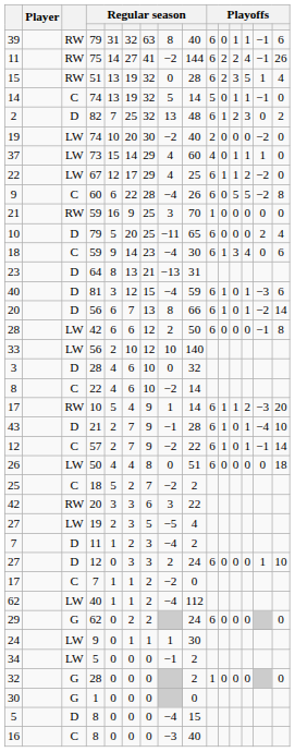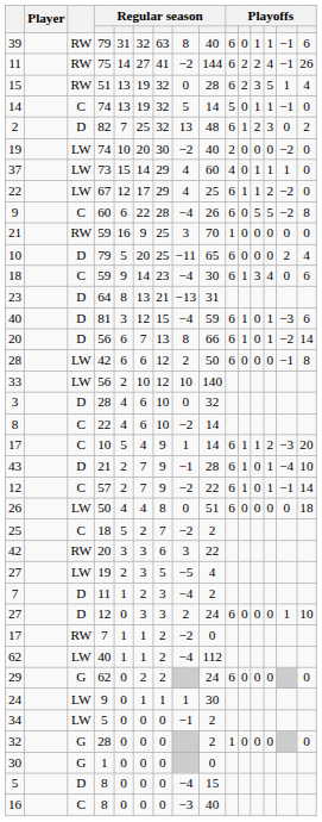 <table class="wikitable sortable plainrowheaders" style="text-align:center;">
 <tr>
 <th scope="col" data-sort-type="number" rowspan="2"></th>
 <th scope="col" rowspan="2">Player</th>
 <th scope="col" rowspan="2"></th>
 <th scope=colgroup colspan=6>Regular season</th>
 <th scope=colgroup colspan=6>Playoffs</th>
 </tr>
 <tr>
 <th scope="col" data-sort-type="number"></th>
 <th scope="col" data-sort-type="number"></th>
 <th scope="col" data-sort-type="number"></th>
 <th scope="col" data-sort-type="number"></th>
 <th scope="col" data-sort-type="number"></th>
 <th scope="col" data-sort-type="number"></th>
 <th scope="col" data-sort-type="number"></th>
 <th scope="col" data-sort-type="number"></th>
 <th scope="col" data-sort-type="number"></th>
 <th scope="col" data-sort-type="number"></th>
 <th scope="col" data-sort-type="number"></th>
 <th scope="col" data-sort-type="number"></th>
 </tr>
 <tr>
 <td scope="row">39</td>
 <td align="left"></td>
 <td>RW</td>
 <td>79</td>
 <td>31</td>
 <td>32</td>
 <td>63</td>
 <td>8</td>
 <td>40</td>
 <td>6</td>
 <td>0</td>
 <td>1</td>
 <td>1</td>
 <td>−1</td>
 <td>6</td>
 </tr>
 <tr>
 <td scope="row">11</td>
 <td align="left"></td>
 <td>RW</td>
 <td>75</td>
 <td>14</td>
 <td>27</td>
 <td>41</td>
 <td>−2</td>
 <td>144</td>
 <td>6</td>
 <td>2</td>
 <td>2</td>
 <td>4</td>
 <td>−1</td>
 <td>26</td>
 </tr>
 <tr>
 <td scope="row">15</td>
 <td align="left"></td>
 <td>RW</td>
 <td>51</td>
 <td>13</td>
 <td>19</td>
 <td>32</td>
 <td>0</td>
 <td>28</td>
 <td>6</td>
 <td>2</td>
 <td>3</td>
 <td>5</td>
 <td>1</td>
 <td>4</td>
 </tr>
 <tr>
 <td scope="row">14</td>
 <td align="left"></td>
 <td>C</td>
 <td>74</td>
 <td>13</td>
 <td>19</td>
 <td>32</td>
 <td>5</td>
 <td>14</td>
 <td>5</td>
 <td>0</td>
 <td>1</td>
 <td>1</td>
 <td>−1</td>
 <td>0</td>
 </tr>
 <tr>
 <td scope="row">2</td>
 <td align="left"></td>
 <td>D</td>
 <td>82</td>
 <td>7</td>
 <td>25</td>
 <td>32</td>
 <td>13</td>
 <td>48</td>
 <td>6</td>
 <td>1</td>
 <td>2</td>
 <td>3</td>
 <td>0</td>
 <td>2</td>
 </tr>
 <tr>
 <td scope="row">19</td>
 <td align="left"></td>
 <td>LW</td>
 <td>74</td>
 <td>10</td>
 <td>20</td>
 <td>30</td>
 <td>−2</td>
 <td>40</td>
 <td>2</td>
 <td>0</td>
 <td>0</td>
 <td>0</td>
 <td>−2</td>
 <td>0</td>
 </tr>
 <tr>
 <td scope="row">37</td>
 <td align="left"></td>
 <td>LW</td>
 <td>73</td>
 <td>15</td>
 <td>14</td>
 <td>29</td>
 <td>4</td>
 <td>60</td>
 <td>4</td>
 <td>0</td>
 <td>1</td>
 <td>1</td>
 <td>1</td>
 <td>0</td>
 </tr>
 <tr>
 <td scope="row">22</td>
 <td align="left"></td>
 <td>LW</td>
 <td>67</td>
 <td>12</td>
 <td>17</td>
 <td>29</td>
 <td>4</td>
 <td>25</td>
 <td>6</td>
 <td>1</td>
 <td>1</td>
 <td>2</td>
 <td>−2</td>
 <td>0</td>
 </tr>
 <tr>
 <td scope="row">9</td>
 <td align="left"></td>
 <td>C</td>
 <td>60</td>
 <td>6</td>
 <td>22</td>
 <td>28</td>
 <td>−4</td>
 <td>26</td>
 <td>6</td>
 <td>0</td>
 <td>5</td>
 <td>5</td>
 <td>−2</td>
 <td>8</td>
 </tr>
 <tr>
 <td scope="row">21</td>
 <td align="left"></td>
 <td>RW</td>
 <td>59</td>
 <td>16</td>
 <td>9</td>
 <td>25</td>
 <td>3</td>
 <td>70</td>
 <td>1</td>
 <td>0</td>
 <td>0</td>
 <td>0</td>
 <td>0</td>
 <td>0</td>
 </tr>
 <tr>
 <td scope="row">10</td>
 <td align="left"></td>
 <td>D</td>
 <td>79</td>
 <td>5</td>
 <td>20</td>
 <td>25</td>
 <td>−11</td>
 <td>65</td>
 <td>6</td>
 <td>0</td>
 <td>0</td>
 <td>0</td>
 <td>2</td>
 <td>4</td>
 </tr>
 <tr>
 <td scope="row">18</td>
 <td align="left"></td>
 <td>C</td>
 <td>59</td>
 <td>9</td>
 <td>14</td>
 <td>23</td>
 <td>−4</td>
 <td>30</td>
 <td>6</td>
 <td>1</td>
 <td>3</td>
 <td>4</td>
 <td>0</td>
 <td>6</td>
 </tr>
 <tr>
 <td scope="row">23</td>
 <td align="left"></td>
 <td>D</td>
 <td>64</td>
 <td>8</td>
 <td>13</td>
 <td>21</td>
 <td>−13</td>
 <td>31</td>
 <td></td>
 <td></td>
 <td></td>
 <td></td>
 <td></td>
 <td></td>
 </tr>
 <tr>
 <td scope="row">40</td>
 <td align="left"></td>
 <td>D</td>
 <td>81</td>
 <td>3</td>
 <td>12</td>
 <td>15</td>
 <td>−4</td>
 <td>59</td>
 <td>6</td>
 <td>1</td>
 <td>0</td>
 <td>1</td>
 <td>−3</td>
 <td>6</td>
 </tr>
 <tr>
 <td scope="row">20</td>
 <td align="left"></td>
 <td>D</td>
 <td>56</td>
 <td>6</td>
 <td>7</td>
 <td>13</td>
 <td>8</td>
 <td>66</td>
 <td>6</td>
 <td>1</td>
 <td>0</td>
 <td>1</td>
 <td>−2</td>
 <td>14</td>
 </tr>
 <tr>
 <td scope="row">28</td>
 <td align="left"></td>
 <td>LW</td>
 <td>42</td>
 <td>6</td>
 <td>6</td>
 <td>12</td>
 <td>2</td>
 <td>50</td>
 <td>6</td>
 <td>0</td>
 <td>0</td>
 <td>0</td>
 <td>−1</td>
 <td>8</td>
 </tr>
 <tr>
 <td scope="row">33</td>
 <td align="left"></td>
 <td>LW</td>
 <td>56</td>
 <td>2</td>
 <td>10</td>
 <td>12</td>
 <td>10</td>
 <td>140</td>
 <td></td>
 <td></td>
 <td></td>
 <td></td>
 <td></td>
 <td></td>
 </tr>
 <tr>
 <td scope="row">3</td>
 <td align="left"></td>
 <td>D</td>
 <td>28</td>
 <td>4</td>
 <td>6</td>
 <td>10</td>
 <td>0</td>
 <td>32</td>
 <td></td>
 <td></td>
 <td></td>
 <td></td>
 <td></td>
 <td></td>
 </tr>
 <tr>
 <td scope="row">8</td>
 <td align="left"></td>
 <td>C</td>
 <td>22</td>
 <td>4</td>
 <td>6</td>
 <td>10</td>
 <td>−2</td>
 <td>14</td>
 <td></td>
 <td></td>
 <td></td>
 <td></td>
 <td></td>
 <td></td>
 </tr>
 <tr>
 <td scope="row">17</td>
 <td align="left"></td>
-<td>RW</td>
+<td>C</td>
 <td>10</td>
 <td>5</td>
 <td>4</td>
 <td>9</td>
 <td>1</td>
 <td>14</td>
 <td>6</td>
 <td>1</td>
 <td>1</td>
 <td>2</td>
 <td>−3</td>
 <td>20</td>
 </tr>
 <tr>
 <td scope="row">43</td>
 <td align="left"></td>
 <td>D</td>
 <td>21</td>
 <td>2</td>
 <td>7</td>
 <td>9</td>
 <td>−1</td>
 <td>28</td>
 <td>6</td>
 <td>1</td>
 <td>0</td>
 <td>1</td>
 <td>−4</td>
 <td>10</td>
 </tr>
 <tr>
 <td scope="row">12</td>
 <td align="left"></td>
 <td>C</td>
 <td>57</td>
 <td>2</td>
 <td>7</td>
 <td>9</td>
 <td>−2</td>
 <td>22</td>
 <td>6</td>
 <td>1</td>
 <td>0</td>
 <td>1</td>
 <td>−1</td>
 <td>14</td>
 </tr>
 <tr>
 <td scope="row">26</td>
 <td align="left"></td>
 <td>LW</td>
 <td>50</td>
 <td>4</td>
 <td>4</td>
 <td>8</td>
 <td>0</td>
 <td>51</td>
 <td>6</td>
 <td>0</td>
 <td>0</td>
 <td>0</td>
 <td>0</td>
 <td>18</td>
 </tr>
 <tr>
 <td scope="row">25</td>
 <td align="left"></td>
 <td>C</td>
 <td>18</td>
 <td>5</td>
 <td>2</td>
 <td>7</td>
 <td>−2</td>
 <td>2</td>
 <td></td>
 <td></td>
 <td></td>
 <td></td>
 <td></td>
 <td></td>
 </tr>
 <tr>
 <td scope="row">42</td>
 <td align="left"></td>
 <td>RW</td>
 <td>20</td>
 <td>3</td>
 <td>3</td>
 <td>6</td>
 <td>3</td>
 <td>22</td>
 <td></td>
 <td></td>
 <td></td>
 <td></td>
 <td></td>
 <td></td>
 </tr>
 <tr>
 <td scope="row">27</td>
 <td align="left"></td>
 <td>LW</td>
 <td>19</td>
 <td>2</td>
 <td>3</td>
 <td>5</td>
 <td>−5</td>
 <td>4</td>
 <td></td>
 <td></td>
 <td></td>
 <td></td>
 <td></td>
 <td></td>
 </tr>
 <tr>
 <td scope="row">7</td>
 <td align="left"></td>
 <td>D</td>
 <td>11</td>
 <td>1</td>
 <td>2</td>
 <td>3</td>
 <td>−4</td>
 <td>2</td>
 <td></td>
 <td></td>
 <td></td>
 <td></td>
 <td></td>
 <td></td>
 </tr>
 <tr>
 <td scope="row">27</td>
 <td align="left"></td>
 <td>D</td>
 <td>12</td>
 <td>0</td>
 <td>3</td>
 <td>3</td>
 <td>2</td>
 <td>24</td>
 <td>6</td>
 <td>0</td>
 <td>0</td>
 <td>0</td>
 <td>1</td>
 <td>10</td>
 </tr>
 <tr>
 <td scope="row">17</td>
 <td align="left"></td>
-<td>C</td>
+<td>RW</td>
 <td>7</td>
 <td>1</td>
 <td>1</td>
 <td>2</td>
 <td>−2</td>
 <td>0</td>
 <td></td>
 <td></td>
 <td></td>
 <td></td>
 <td></td>
 <td></td>
 </tr>
 <tr>
 <td scope="row">62</td>
 <td align="left"></td>
 <td>LW</td>
 <td>40</td>
 <td>1</td>
 <td>1</td>
 <td>2</td>
 <td>−4</td>
 <td>112</td>
 <td></td>
 <td></td>
 <td></td>
 <td></td>
 <td></td>
 <td></td>
 </tr>
 <tr>
 <td scope="row">29</td>
 <td align="left"></td>
 <td>G</td>
 <td>62</td>
 <td>0</td>
 <td>2</td>
 <td>2</td>
 <td style="background:#ccc"></td>
 <td>24</td>
 <td>6</td>
 <td>0</td>
 <td>0</td>
 <td>0</td>
 <td style="background:#ccc"></td>
 <td>0</td>
 </tr>
 <tr>
 <td scope="row">24</td>
 <td align="left"></td>
 <td>LW</td>
 <td>9</td>
 <td>0</td>
 <td>1</td>
 <td>1</td>
 <td>1</td>
 <td>30</td>
 <td></td>
 <td></td>
 <td></td>
 <td></td>
 <td></td>
 <td></td>
 </tr>
 <tr>
 <td scope="row">34</td>
 <td align="left"></td>
 <td>LW</td>
 <td>5</td>
 <td>0</td>
 <td>0</td>
 <td>0</td>
 <td>−1</td>
 <td>2</td>
 <td></td>
 <td></td>
 <td></td>
 <td></td>
 <td></td>
 <td></td>
 </tr>
 <tr>
 <td scope="row">32</td>
 <td align="left"></td>
 <td>G</td>
 <td>28</td>
 <td>0</td>
 <td>0</td>
 <td>0</td>
 <td style="background:#ccc"></td>
 <td>2</td>
 <td>1</td>
 <td>0</td>
 <td>0</td>
 <td>0</td>
 <td style="background:#ccc"></td>
 <td>0</td>
 </tr>
 <tr>
 <td scope="row">30</td>
 <td align="left"></td>
 <td>G</td>
 <td>1</td>
 <td>0</td>
 <td>0</td>
 <td>0</td>
 <td style="background:#ccc"></td>
 <td>0</td>
 <td></td>
 <td></td>
 <td></td>
 <td></td>
 <td></td>
 <td></td>
 </tr>
 <tr>
 <td scope="row">5</td>
 <td align="left"></td>
 <td>D</td>
 <td>8</td>
 <td>0</td>
 <td>0</td>
 <td>0</td>
 <td>−4</td>
 <td>15</td>
 <td></td>
 <td></td>
 <td></td>
 <td></td>
 <td></td>
 <td></td>
 </tr>
 <tr>
 <td scope="row">16</td>
 <td align="left"></td>
 <td>C</td>
 <td>8</td>
 <td>0</td>
 <td>0</td>
 <td>0</td>
 <td>−3</td>
 <td>40</td>
 <td></td>
 <td></td>
 <td></td>
 <td></td>
 <td></td>
 <td></td>
 </tr>
 </table>
